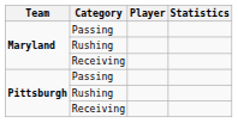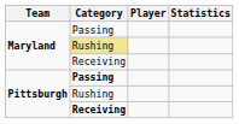 <table class="wikitable" style="float: right;">
 <tr>
 <th>Team</th>
 <th>Category</th>
 <th>Player</th>
 <th>Statistics</th>
 </tr>
 <tr>
 <td rowspan=3><strong>Maryland</strong></td>
 <td>Passing</td>
 <td></td>
 <td></td>
 </tr>
 <tr>
-<td>Rushing</td>
+<td style="background: khaki;">Rushing</td>
 <td></td>
 <td></td>
 </tr>
 <tr>
 <td>Receiving</td>
 <td></td>
 <td></td>
 </tr>
 <tr>
 <td rowspan=3><strong>Pittsburgh</strong></td>
-<td>Passing</td>
+<td><strong>Passing</strong></td>
 <td></td>
 <td></td>
 </tr>
 <tr>
 <td>Rushing</td>
 <td></td>
 <td></td>
 </tr>
 <tr>
-<td>Receiving</td>
+<td><strong>Receiving</strong></td>
 <td></td>
 <td></td>
 </tr>
 </table>
